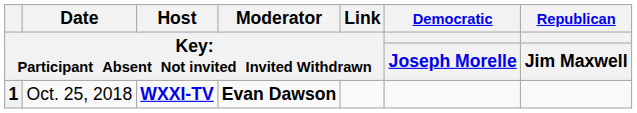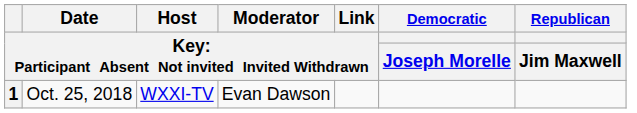 <table class="wikitable" style="text-align:center;">
 <tr>
 <th scope="col"></th>
 <th scope="col">Date</th>
 <th scope="col">Host</th>
 <th scope="col">Moderator</th>
 <th scope="col">Link</th>
 <th scope="col"><small><a href='#'>Democratic</a></small></th>
 <th scope="col"><small><a href='#'>Republican</a></small></th>
 </tr>
 <tr>
 <th colspan="5" rowspan="2">Key:<br> <small>Participant </small>  <small>Absent </small>  <small>Not invited </small>  <small>Invited  Withdrawn</small></th>
 <th scope="col" style="background:"></th>
 <th scope="col" style="background:"></th>
 </tr>
 <tr>
 <th scope="col"><a href='#'>Joseph Morelle</a></th>
 <th scope="col">Jim Maxwell</th>
 </tr>
 <tr>
 <th>1</th>
 <td style="white-space:nowrap;">Oct. 25, 2018</td>
-<td style="white-space:nowrap;"><strong><a href='#'>WXXI-TV</a></strong></td>
-<td style="white-space:nowrap;"><strong>Evan Dawson</strong></td>
+<td style="white-space:nowrap;"><a href='#'>WXXI-TV</a></td>
+<td style="white-space:nowrap;">Evan Dawson</td>
 <td style="white-space:nowrap;"></td>
 <td></td>
 <td></td>
 </tr>
 </table>
